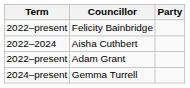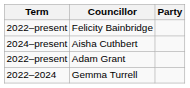 <table class="wikitable">
 <tr>
 <th>Term</th>
 <th>Councillor</th>
 <th colspan=2>Party</th>
 </tr>
 <tr>
 <td>2022–present</td>
 <td>Felicity Bainbridge</td>
 <td></td>
 </tr>
 <tr>
-<td>2022–2024</td>
+<td>2024–present</td>
 <td>Aisha Cuthbert</td>
 <td></td>
 </tr>
 <tr>
 <td>2022–present</td>
 <td>Adam Grant</td>
 <td></td>
 </tr>
 <tr>
-<td>2024–present</td>
+<td>2022–2024</td>
 <td>Gemma Turrell</td>
 <td></td>
 </tr>
 </table>
